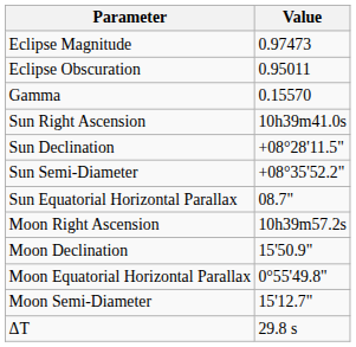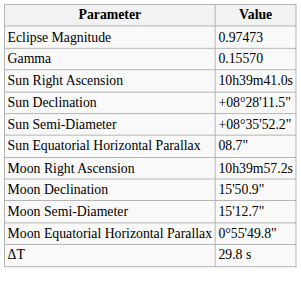 <table class="wikitable">
 <tr>
 <th>Parameter</th>
 <th>Value</th>
 </tr>
 <tr>
 <td>Eclipse Magnitude</td>
 <td>0.97473</td>
-</tr>
-<tr>
-<td>Eclipse Obscuration</td>
-<td>0.95011</td>
 </tr>
 <tr>
 <td>Gamma</td>
 <td>0.15570</td>
 </tr>
 <tr>
 <td>Sun Right Ascension</td>
 <td>10h39m41.0s</td>
 </tr>
 <tr>
 <td>Sun Declination</td>
 <td>+08°28'11.5"</td>
 </tr>
 <tr>
 <td>Sun Semi-Diameter</td>
 <td>+08°35'52.2"</td>
 </tr>
 <tr>
 <td>Sun Equatorial Horizontal Parallax</td>
 <td>08.7"</td>
 </tr>
 <tr>
 <td>Moon Right Ascension</td>
 <td>10h39m57.2s</td>
 </tr>
 <tr>
 <td>Moon Declination</td>
 <td>15'50.9"</td>
 </tr>
 <tr>
+<td>Moon Semi-Diameter</td>
+<td>15'12.7"</td>
+</tr>
+<tr>
 <td>Moon Equatorial Horizontal Parallax</td>
 <td>0°55'49.8"</td>
-</tr>
-<tr>
-<td>Moon Semi-Diameter</td>
-<td>15'12.7"</td>
 </tr>
 <tr>
 <td>ΔT</td>
 <td>29.8 s</td>
 </tr>
 </table>
